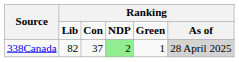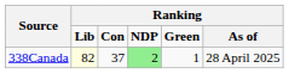 <table class="wikitable" style="text-align:right;">
 <tr>
 <th rowspan="2">Source</th>
 <th colspan="6">Ranking</th>
 </tr>
 <tr>
 <td><strong>Lib</strong></td>
 <td><strong>Con</strong></td>
 <td><strong>NDP</strong></td>
 <td><strong>Green</strong></td>
 <th>As of</th>
 </tr>
 <tr>
 <td><a href='#'>338Canada</a></td>
-<td>82</td>
+<td style="background: lightyellow;">82</td>
 <td>37</td>
 <td style="background: lightgreen;">2</td>
 <td>1</td>
-<td style="background: lightgrey;">28 April 2025</td>
+<td>28 April 2025</td>
 </tr>
 </table>
